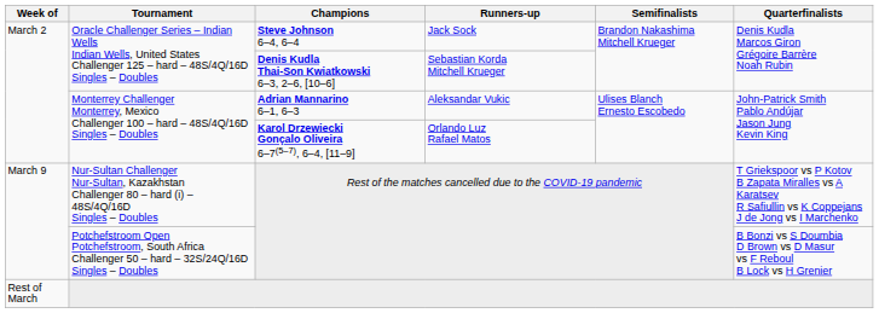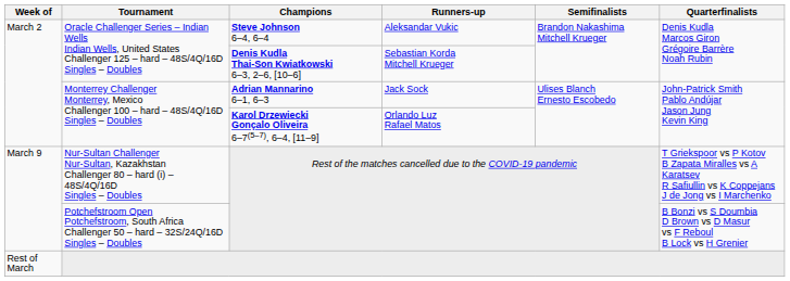 <table class="wikitable" style="font-size:85%;">
 <tr>
 <th width="75">Week of</th>
 <th width="230">Tournament</th>
 <th width="210">Champions</th>
 <th width="210">Runners-up</th>
 <th width="170">Semifinalists</th>
 <th width="170">Quarterfinalists</th>
 </tr>
 <tr valign=top>
 <td rowspan=4>March 2</td>
 <td rowspan=2><a href='#'>Oracle Challenger Series – Indian Wells</a><br><a href='#'>Indian Wells</a>, United States <br> Challenger 125 – hard – 48S/4Q/16D<br><a href='#'>Singles</a> – <a href='#'>Doubles</a></td>
 <td> <strong><a href='#'>Steve Johnson</a></strong><br>6–4, 6–4</td>
-<td> <a href='#'>Jack Sock</a></td>
+<td> <a href='#'>Aleksandar Vukic</a></td>
 <td rowspan=2> <a href='#'>Brandon Nakashima</a> <br>  <a href='#'>Mitchell Krueger</a></td>
 <td rowspan=2> <a href='#'>Denis Kudla</a> <br> <a href='#'>Marcos Giron</a> <br> <a href='#'>Grégoire Barrère</a> <br>  <a href='#'>Noah Rubin</a></td>
 </tr>
 <tr valign=top>
 <td> <strong><a href='#'>Denis Kudla</a></strong><br> <strong><a href='#'>Thai-Son Kwiatkowski</a></strong><br>6–3, 2–6, [10–6]</td>
 <td> <a href='#'>Sebastian Korda</a><br> <a href='#'>Mitchell Krueger</a></td>
 </tr>
 <tr valign=top>
 <td rowspan=2><a href='#'>Monterrey Challenger</a><br><a href='#'>Monterrey</a>, Mexico <br> Challenger 100 – hard – 48S/4Q/16D<br><a href='#'>Singles</a> – <a href='#'>Doubles</a></td>
 <td> <strong><a href='#'>Adrian Mannarino</a></strong><br>6–1, 6–3</td>
-<td> <a href='#'>Aleksandar Vukic</a></td>
+<td> <a href='#'>Jack Sock</a></td>
 <td rowspan=2> <a href='#'>Ulises Blanch</a> <br>  <a href='#'>Ernesto Escobedo</a></td>
 <td rowspan=2> <a href='#'>John-Patrick Smith</a> <br> <a href='#'>Pablo Andújar</a> <br> <a href='#'>Jason Jung</a> <br>  <a href='#'>Kevin King</a></td>
 </tr>
 <tr valign=top>
 <td> <strong><a href='#'>Karol Drzewiecki</a></strong><br> <strong><a href='#'>Gonçalo Oliveira</a></strong><br>6–7<sup>(5–7)</sup>, 6–4, [11–9]</td>
 <td> <a href='#'>Orlando Luz</a><br> <a href='#'>Rafael Matos</a></td>
 </tr>
 <tr valign=top>
 <td rowspan=2>March 9</td>
 <td><a href='#'>Nur-Sultan Challenger</a><br><a href='#'>Nur-Sultan</a>, Kazakhstan <br> Challenger 80 – hard (i) – 48S/4Q/16D<br><a href='#'>Singles</a> – <a href='#'>Doubles</a></td>
 <td colspan=3 align=center bgcolor="ededed" rowspan=2><br><em>Rest of the matches cancelled due to the <a href='#'>COVID-19 pandemic</a></em></td>
 <td> <a href='#'>T Griekspoor</a> vs  <a href='#'>P Kotov</a> <br> <a href='#'>B Zapata Miralles</a> vs  <a href='#'>A Karatsev</a> <br> <a href='#'>R Safiullin</a> vs  <a href='#'>K Coppejans</a> <br>  <a href='#'>J de Jong</a> vs  <a href='#'>I Marchenko</a></td>
 </tr>
 <tr valign=top>
 <td><a href='#'>Potchefstroom Open</a><br><a href='#'>Potchefstroom</a>, South Africa <br> Challenger 50 – hard – 32S/24Q/16D<br><a href='#'>Singles</a> – <a href='#'>Doubles</a></td>
 <td> <a href='#'>B Bonzi</a> vs  <a href='#'>S Doumbia</a> <br> <a href='#'>D Brown</a> vs  <a href='#'>D Masur</a> <br> vs  <a href='#'>F Reboul</a> <br>  <a href='#'>B Lock</a> vs  <a href='#'>H Grenier</a></td>
 </tr>
 <tr valign=top>
 <td>Rest of March</td>
 <td colspan=5 align=center bgcolor="ededed"><em></em></td>
 </tr>
 </table>
